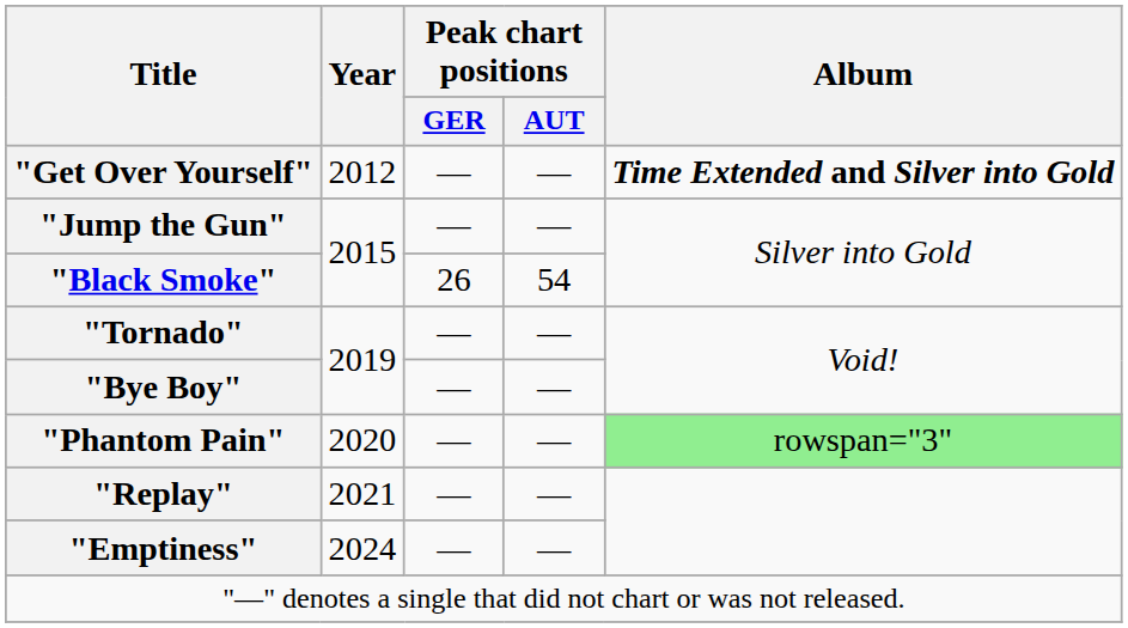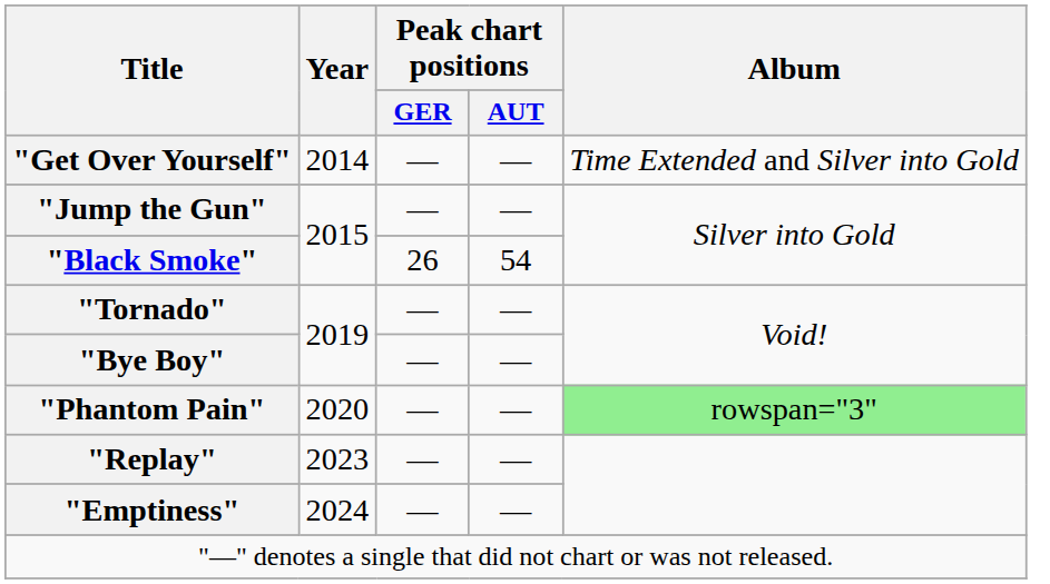 <table class="wikitable plainrowheaders" style="text-align:center;" border="1">
 <tr>
 <th scope="col" rowspan="2">Title</th>
 <th scope="col" rowspan="2">Year</th>
 <th scope="col" colspan="2">Peak chart positions</th>
 <th scope="col" rowspan="2">Album</th>
 </tr>
 <tr>
 <th scope="col" style="width:3em;font-size:85%;"><a href='#'>GER</a><br></th>
 <th scope="col" style="width:3em;font-size:85%;"><a href='#'>AUT</a><br></th>
 </tr>
 <tr>
 <th scope="row">"Get Over Yourself"</th>
-<td>2012</td>
+<td>2014</td>
 <td>—</td>
 <td>—</td>
-<td><strong><em>Time Extended</em> and <em>Silver into Gold</em></strong></td>
+<td><em>Time Extended</em> and <em>Silver into Gold</em></td>
 </tr>
 <tr>
 <th scope="row">"Jump the Gun"</th>
 <td rowspan="2">2015</td>
 <td>—</td>
 <td>—</td>
 <td rowspan="2"><em>Silver into Gold</em></td>
 </tr>
 <tr>
 <th scope="row">"<a href='#'>Black Smoke</a>"</th>
 <td>26</td>
 <td>54</td>
 </tr>
 <tr>
 <th scope="row">"Tornado"</th>
 <td rowspan="2">2019</td>
 <td>—</td>
 <td>—</td>
 <td rowspan="2"><em>Void!</em></td>
 </tr>
 <tr>
 <th scope="row">"Bye Boy"</th>
 <td>—</td>
 <td>—</td>
 </tr>
 <tr>
 <th scope="row">"Phantom Pain"</th>
 <td>2020</td>
 <td>—</td>
 <td>—</td>
 <td style="background: lightgreen;">rowspan="3" </td>
 </tr>
 <tr>
 <th scope="row">"Replay"</th>
-<td>2021</td>
+<td>2023</td>
 <td>—</td>
 <td>—</td>
 </tr>
 <tr>
 <th scope="row">"Emptiness"</th>
 <td>2024</td>
 <td>—</td>
 <td>—</td>
 </tr>
 <tr>
 <td colspan="13" style="font-size:85%">"—" denotes a single that did not chart or was not released.</td>
 </tr>
 </table>
